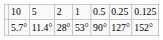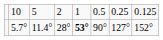 <table class="wikitable">
 <tr>
 <td></big></big></td>
 <td>10</td>
 <td>5</td>
 <td>2</td>
 <td>1</td>
 <td>0.5</td>
 <td>0.25</td>
 <td>0.125</td>
 </tr>
 <tr>
 <td></td>
 <td>5.7°</td>
 <td>11.4°</td>
 <td>28°</td>
-<td>53°</td>
+<td><strong>53°</strong></td>
 <td>90°</td>
 <td>127°</td>
 <td>152°</td>
 </tr>
 </table>
